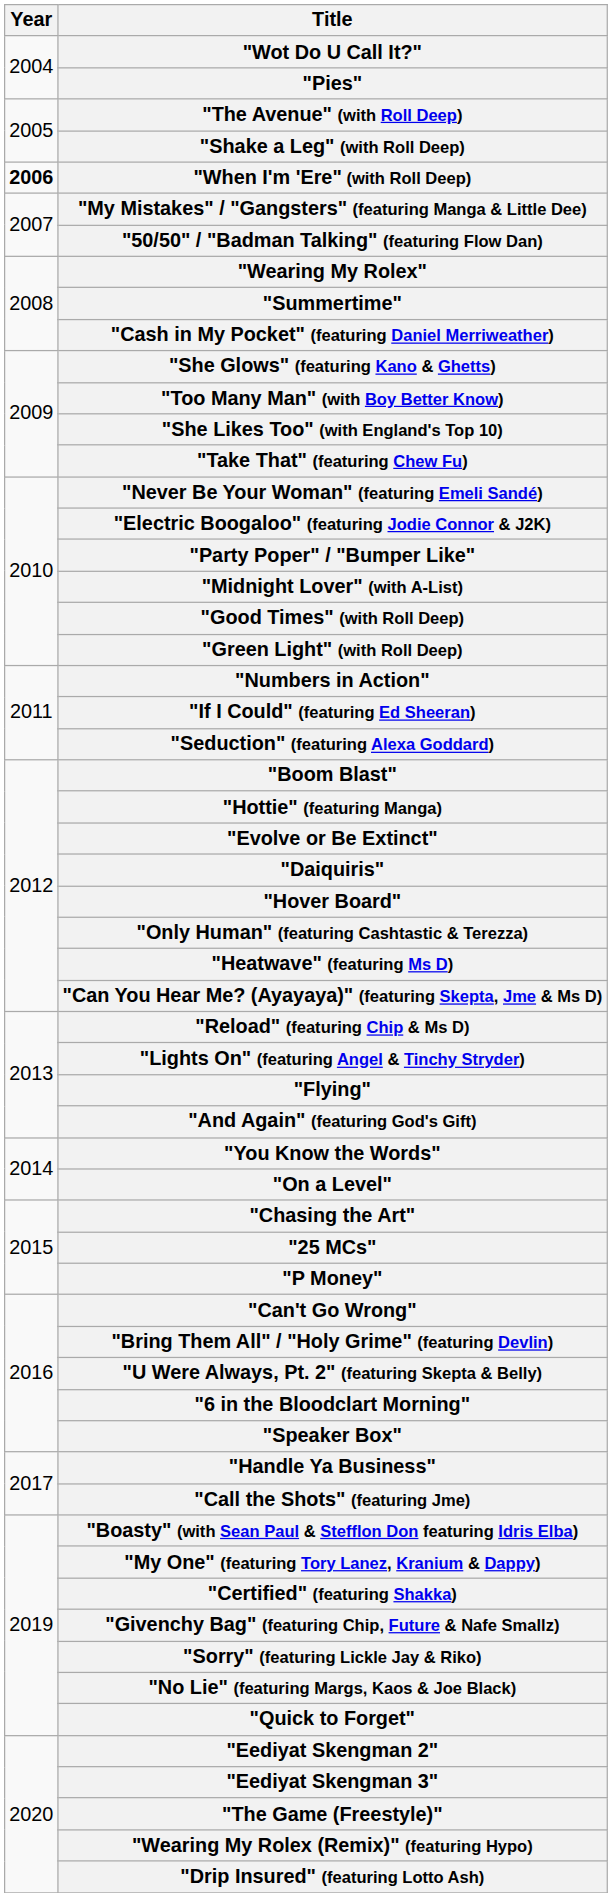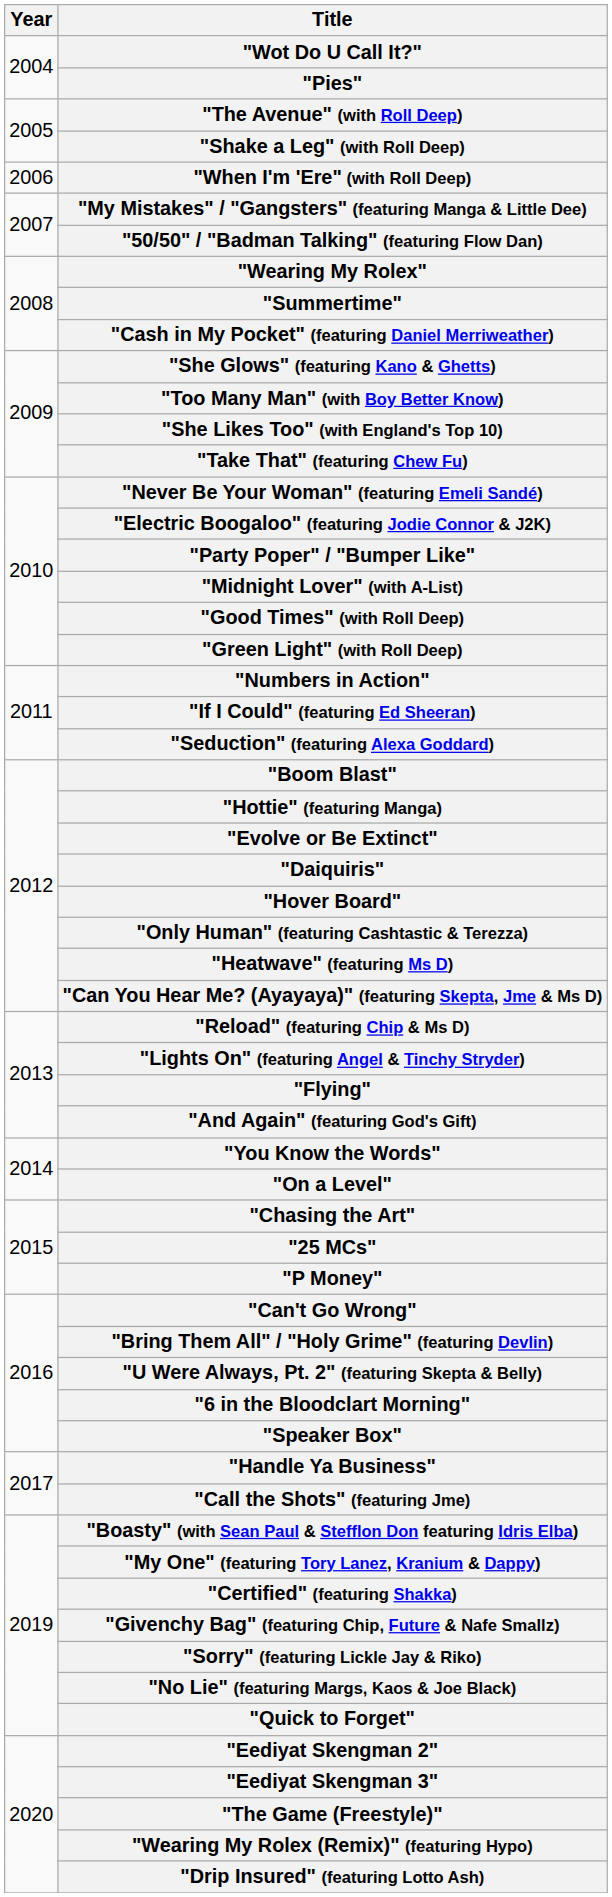 <table class="wikitable plainrowheaders" style="text-align:center;">
 <tr>
 <th scope="col">Year</th>
 <th scope="col">Title</th>
 </tr>
 <tr>
 <td rowspan="2">2004</td>
 <th scope="row">"Wot Do U Call It?"</th>
 </tr>
 <tr>
 <th scope="row">"Pies"</th>
 </tr>
 <tr>
 <td rowspan="2">2005</td>
 <th scope="row">"The Avenue" <small> (with <a href='#'>Roll Deep</a>) </small></th>
 </tr>
 <tr>
 <th scope="row">"Shake a Leg" <small> (with Roll Deep) </small></th>
 </tr>
 <tr>
-<td><strong>2006</strong></td>
+<td>2006</td>
 <th scope="row">"When I'm 'Ere"<small> (with Roll Deep) </small></th>
 </tr>
 <tr>
 <td rowspan="2">2007</td>
 <th scope="row">"My Mistakes" / "Gangsters" <small> (featuring Manga & Little Dee) </small></th>
 </tr>
 <tr>
 <th scope="row">"50/50" / "Badman Talking" <small> (featuring Flow Dan) </small></th>
 </tr>
 <tr>
 <td rowspan="3">2008</td>
 <th scope="row">"Wearing My Rolex"</th>
 </tr>
 <tr>
 <th scope="row">"Summertime"</th>
 </tr>
 <tr>
 <th scope="row">"Cash in My Pocket" <small> (featuring <a href='#'>Daniel Merriweather</a>)</small></th>
 </tr>
 <tr>
 <td rowspan="4">2009</td>
 <th scope="row">"She Glows" <small> (featuring <a href='#'>Kano</a> & <a href='#'>Ghetts</a>) </small></th>
 </tr>
 <tr>
 <th scope="row">"Too Many Man" <small> (with <a href='#'>Boy Better Know</a>) </small></th>
 </tr>
 <tr>
 <th scope="row">"She Likes Too" <small> (with England's Top 10) </small></th>
 </tr>
 <tr>
 <th scope="row">"Take That" <small> (featuring <a href='#'>Chew Fu</a>) </small></th>
 </tr>
 <tr>
 <td rowspan="6">2010</td>
 <th scope="row">"Never Be Your Woman" <small> (featuring <a href='#'>Emeli Sandé</a>) </small></th>
 </tr>
 <tr>
 <th scope="row">"Electric Boogaloo" <small> (featuring <a href='#'>Jodie Connor</a> & J2K) </small></th>
 </tr>
 <tr>
 <th scope="row">"Party Poper" / "Bumper Like"</th>
 </tr>
 <tr>
 <th scope="row">"Midnight Lover" <small> (with A-List) </small></th>
 </tr>
 <tr>
 <th scope="row">"Good Times" <small> (with Roll Deep) </small></th>
 </tr>
 <tr>
 <th scope="row">"Green Light" <small> (with Roll Deep) </small></th>
 </tr>
 <tr>
 <td rowspan="3">2011</td>
 <th scope="row">"Numbers in Action"</th>
 </tr>
 <tr>
 <th scope="row">"If I Could" <small> (featuring <a href='#'>Ed Sheeran</a>) </small></th>
 </tr>
 <tr>
 <th scope="row">"Seduction" <small> (featuring <a href='#'>Alexa Goddard</a>) </small></th>
 </tr>
 <tr>
 <td rowspan="8">2012</td>
 <th scope="row">"Boom Blast"</th>
 </tr>
 <tr>
 <th scope="row">"Hottie" <small> (featuring Manga) </small></th>
 </tr>
 <tr>
 <th scope="row">"Evolve or Be Extinct"</th>
 </tr>
 <tr>
 <th scope="row">"Daiquiris"</th>
 </tr>
 <tr>
 <th scope="row">"Hover Board"</th>
 </tr>
 <tr>
 <th scope="row">"Only Human" <small> (featuring Cashtastic & Terezza) </small></th>
 </tr>
 <tr>
 <th scope="row">"Heatwave" <small> (featuring <a href='#'>Ms D</a>) </small></th>
 </tr>
 <tr>
 <th scope="row">"Can You Hear Me? (Ayayaya)" <small> (featuring <a href='#'>Skepta</a>, <a href='#'>Jme</a> & Ms D) </small></th>
 </tr>
 <tr>
 <td rowspan="4">2013</td>
 <th scope="row">"Reload" <small> (featuring <a href='#'>Chip</a> & Ms D) </small></th>
 </tr>
 <tr>
 <th scope="row">"Lights On" <small> (featuring <a href='#'>Angel</a> & <a href='#'>Tinchy Stryder</a>) </small></th>
 </tr>
 <tr>
 <th scope="row">"Flying"</th>
 </tr>
 <tr>
 <th scope="row">"And Again" <small>(featuring God's Gift)</small></th>
 </tr>
 <tr>
 <td rowspan="2">2014</td>
 <th scope="row">"You Know the Words"</th>
 </tr>
 <tr>
 <th scope="row">"On a Level"</th>
 </tr>
 <tr>
 <td rowspan="3">2015</td>
 <th scope="row">"Chasing the Art"</th>
 </tr>
 <tr>
 <th scope="row">"25 MCs"</th>
 </tr>
 <tr>
 <th scope="row">"P Money"</th>
 </tr>
 <tr>
 <td rowspan="5">2016</td>
 <th scope="row">"Can't Go Wrong"</th>
 </tr>
 <tr>
 <th scope="row">"Bring Them All" / "Holy Grime" <small>(featuring <a href='#'>Devlin</a>)</small></th>
 </tr>
 <tr>
 <th scope="row">"U Were Always, Pt. 2" <small>(featuring Skepta & Belly)</small></th>
 </tr>
 <tr>
 <th scope="row">"6 in the Bloodclart Morning"</th>
 </tr>
 <tr>
 <th scope="row">"Speaker Box"</th>
 </tr>
 <tr>
 <td rowspan="2">2017</td>
 <th scope="row">"Handle Ya Business"</th>
 </tr>
 <tr>
 <th scope="row">"Call the Shots" <small>(featuring Jme)</small></th>
 </tr>
 <tr>
 <td rowspan="7">2019</td>
 <th scope="row">"Boasty" <small>(with <a href='#'>Sean Paul</a> & <a href='#'>Stefflon Don</a> featuring <a href='#'>Idris Elba</a>)</small></th>
 </tr>
 <tr>
 <th scope="row">"My One" <small>(featuring <a href='#'>Tory Lanez</a>, <a href='#'>Kranium</a> & <a href='#'>Dappy</a>)</small></th>
 </tr>
 <tr>
 <th scope="row">"Certified" <small>(featuring <a href='#'>Shakka</a>)</small></th>
 </tr>
 <tr>
 <th scope="row">"Givenchy Bag" <small>(featuring Chip, <a href='#'>Future</a> & Nafe Smallz)</small></th>
 </tr>
 <tr>
 <th scope="row">"Sorry" <small>(featuring Lickle Jay & Riko)</small></th>
 </tr>
 <tr>
 <th scope="row">"No Lie" <small>(featuring Margs, Kaos & Joe Black)</small></th>
 </tr>
 <tr>
 <th scope="row">"Quick to Forget"</th>
 </tr>
 <tr>
 <td rowspan="5">2020</td>
 <th scope="row">"Eediyat Skengman 2"</th>
 </tr>
 <tr>
 <th scope="row">"Eediyat Skengman 3"</th>
 </tr>
 <tr>
 <th scope="row">"The Game (Freestyle)"</th>
 </tr>
 <tr>
 <th scope="row">"Wearing My Rolex (Remix)" <small>(featuring Hypo)</small></th>
 </tr>
 <tr>
 <th scope="row">"Drip Insured" <small>(featuring Lotto Ash)</small></th>
 </tr>
 <tr>
 </tr>
 </table>
